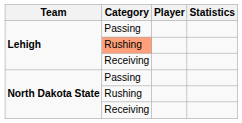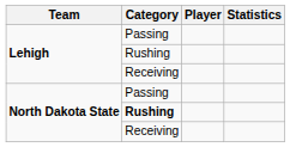 <table class="wikitable" style="float: right;">
 <tr>
 <th>Team</th>
 <th>Category</th>
 <th>Player</th>
 <th>Statistics</th>
 </tr>
 <tr>
 <td rowspan=3><strong>Lehigh</strong></td>
 <td>Passing</td>
 <td></td>
 <td></td>
 </tr>
 <tr>
-<td style="background: lightsalmon;">Rushing</td>
+<td>Rushing</td>
 <td></td>
 <td></td>
 </tr>
 <tr>
 <td>Receiving</td>
 <td></td>
 <td></td>
 </tr>
 <tr>
 <td rowspan=3><strong>North Dakota State</strong></td>
 <td>Passing</td>
 <td></td>
 <td></td>
 </tr>
 <tr>
-<td>Rushing</td>
+<td><strong>Rushing</strong></td>
 <td></td>
 <td></td>
 </tr>
 <tr>
 <td>Receiving</td>
 <td></td>
 <td></td>
 </tr>
 </table>
